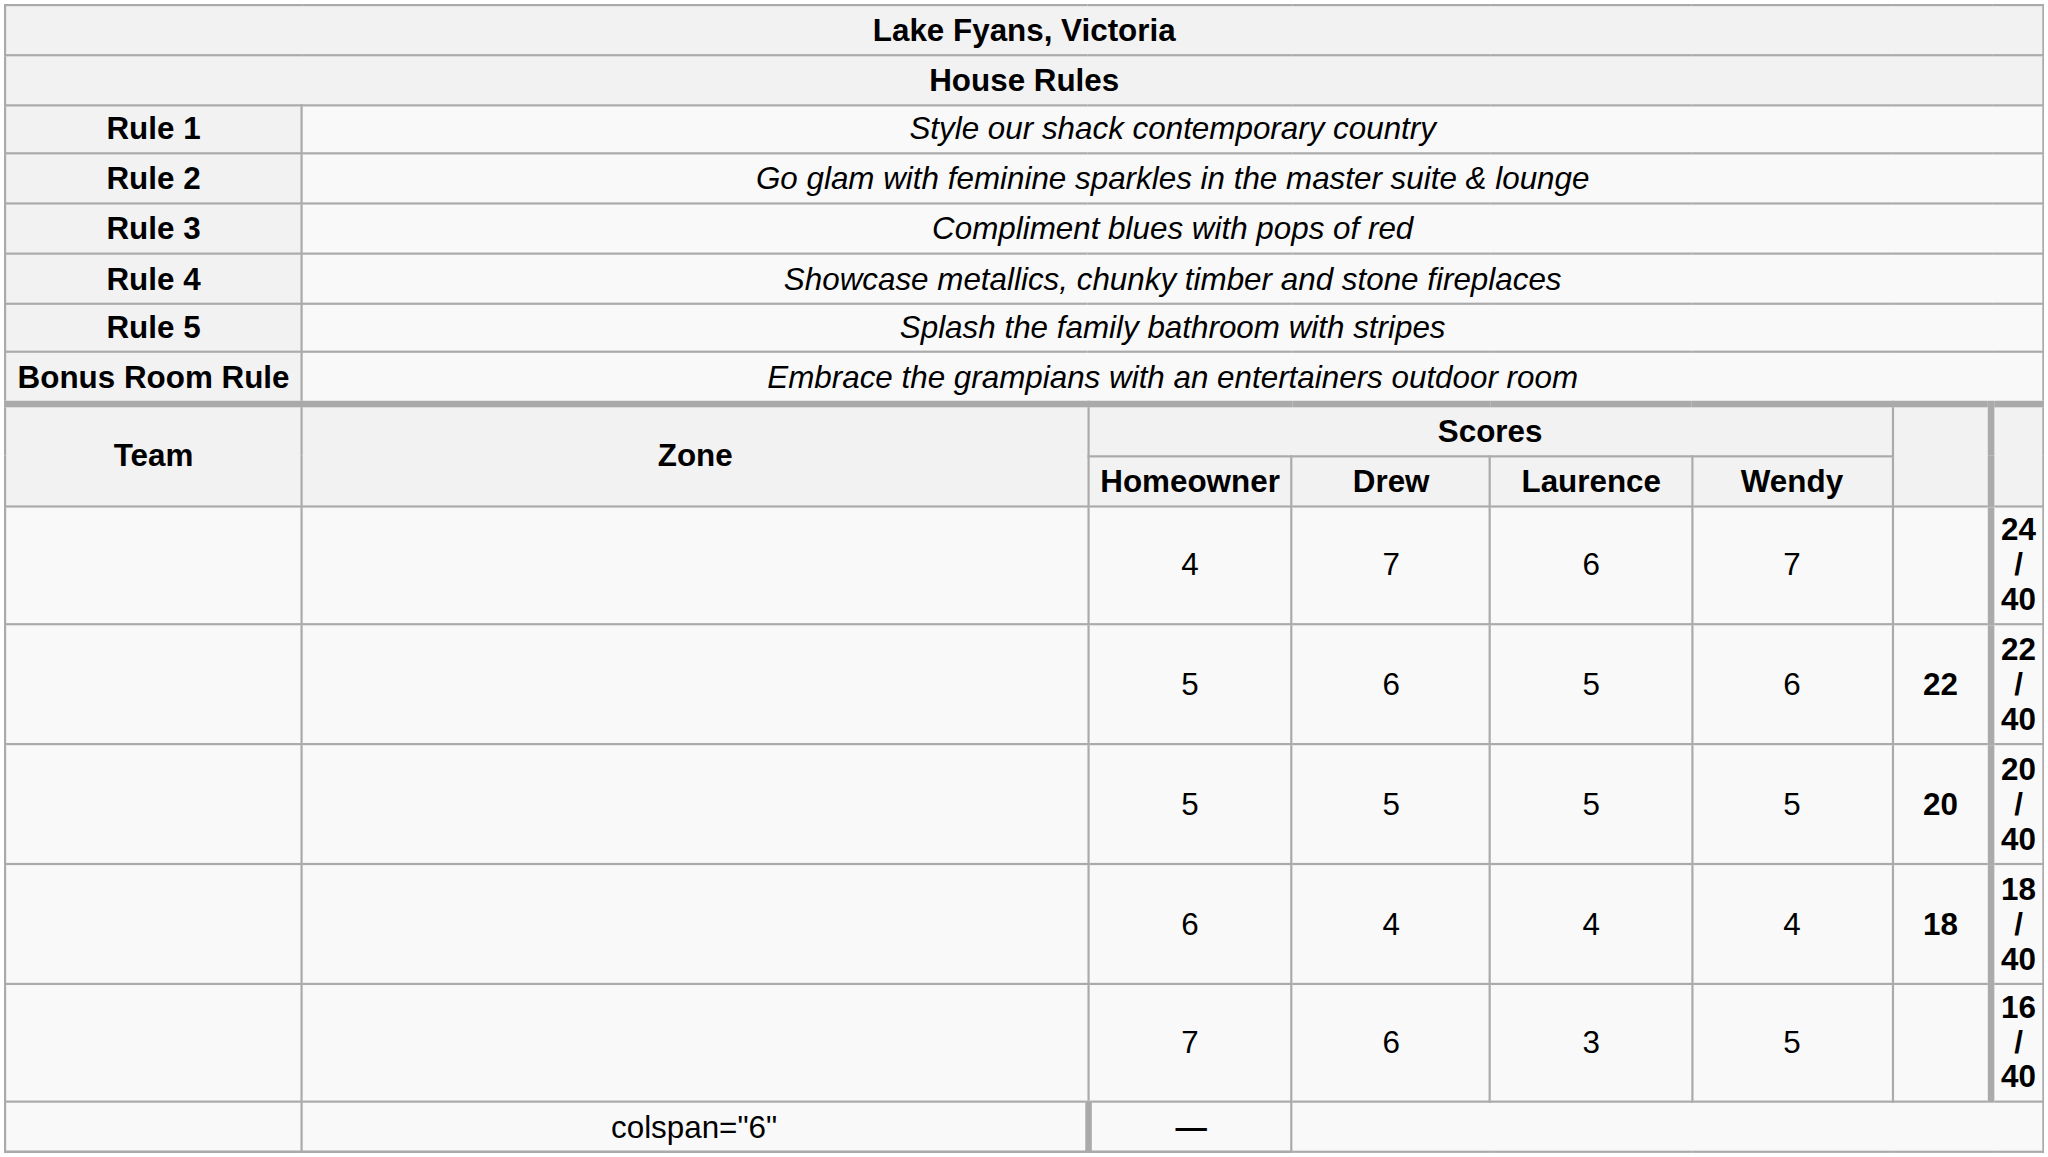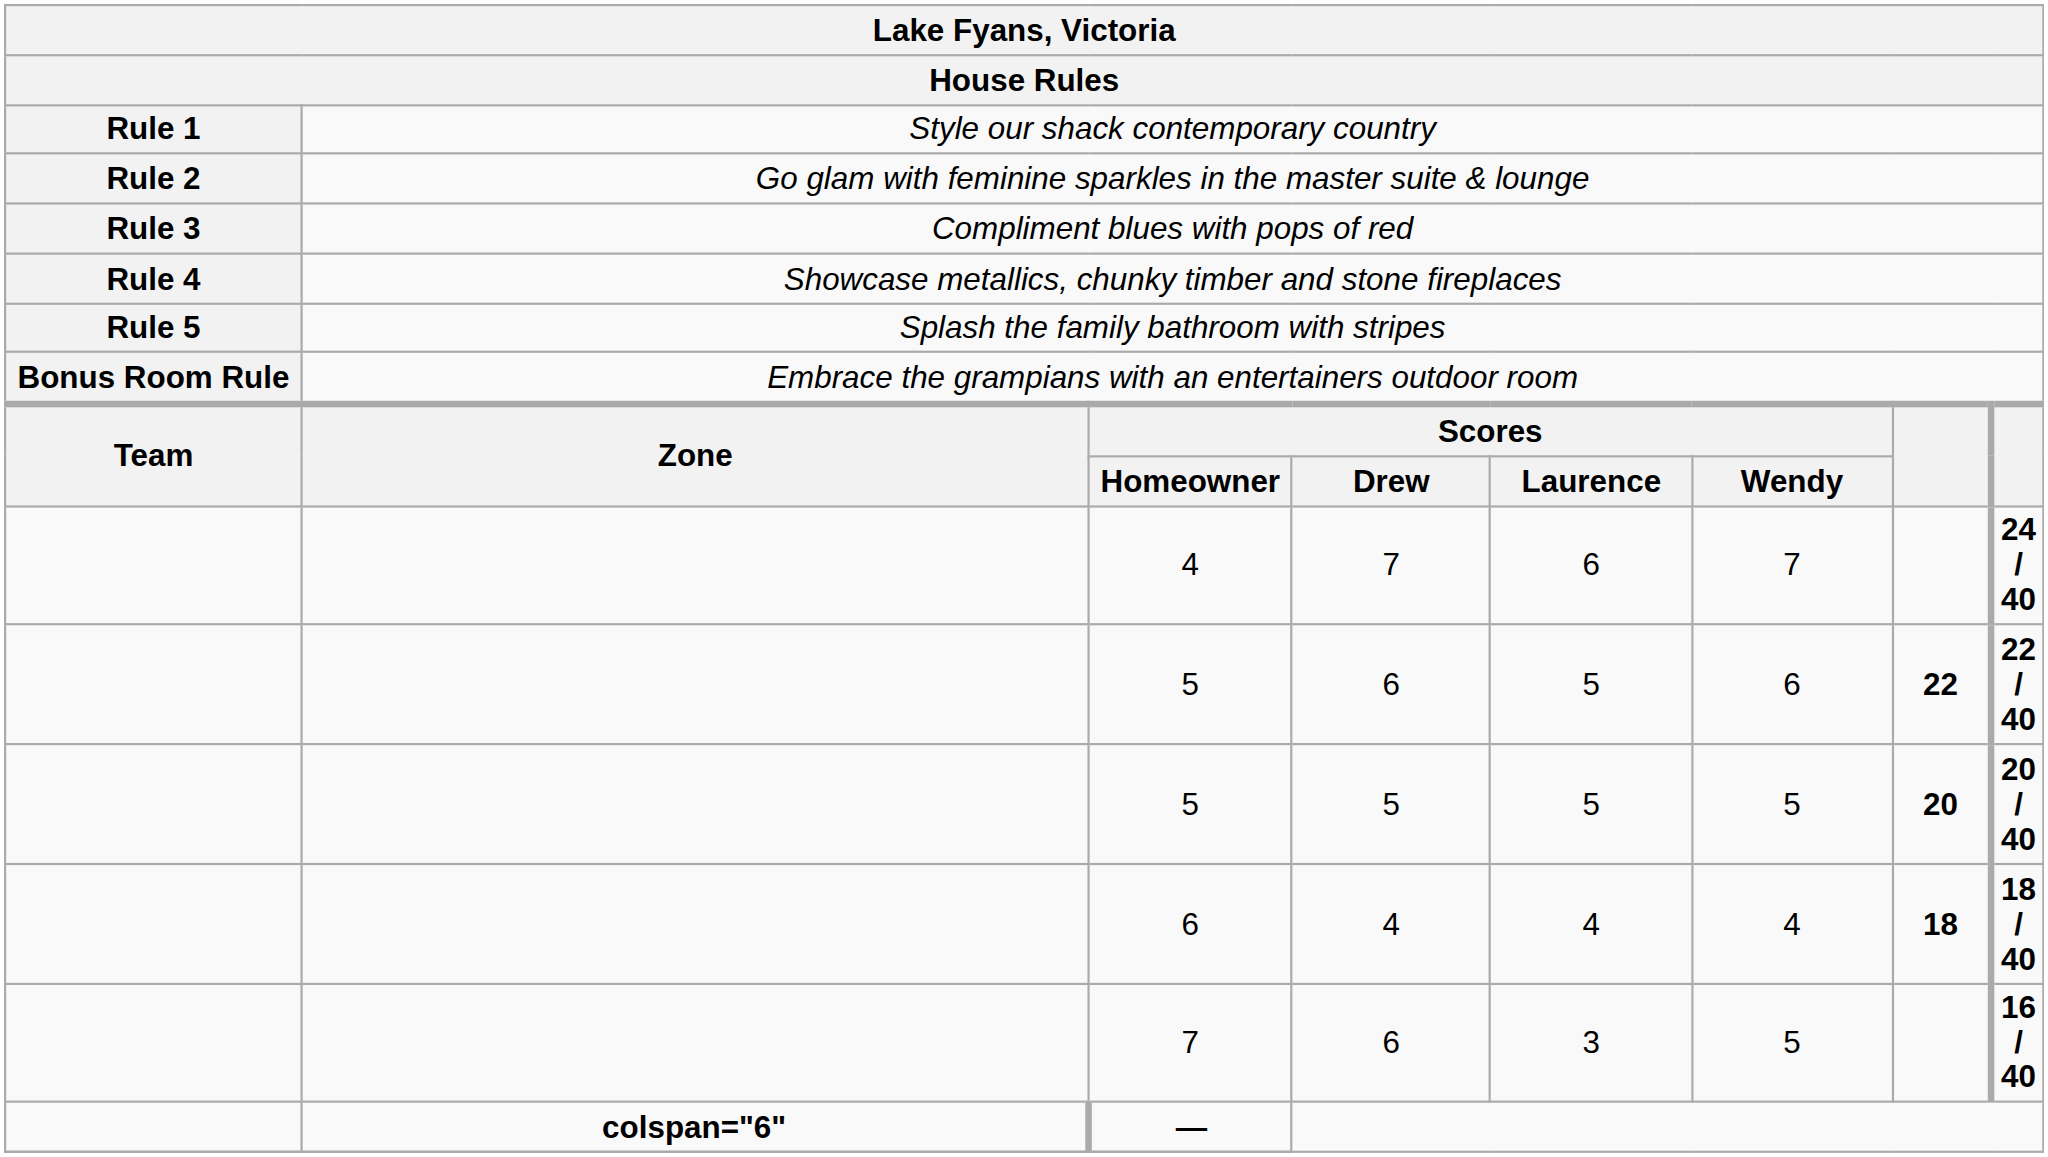 <table class="wikitable plainrowheaders" style="text-align:center; font-size:90%; width:65em;">
 <tr>
 <th colspan="8" >Lake Fyans, Victoria</th>
 </tr>
 <tr>
 <th colspan="8">House Rules</th>
 </tr>
 <tr>
 <th>Rule 1</th>
 <td colspan="7"><em>Style our shack contemporary country</em></td>
 </tr>
 <tr>
 <th>Rule 2</th>
 <td colspan="7"><em>Go glam with feminine sparkles in the master suite & lounge</em></td>
 </tr>
 <tr>
 <th>Rule 3</th>
 <td colspan="7"><em>Compliment blues with pops of red</em></td>
 </tr>
 <tr>
 <th>Rule 4</th>
 <td colspan="7"><em>Showcase metallics, chunky timber and stone fireplaces</em></td>
 </tr>
 <tr>
 <th>Rule 5</th>
 <td colspan="7"><em>Splash the family bathroom with stripes</em></td>
 </tr>
 <tr>
 <th>Bonus Room Rule</th>
 <td colspan="7"><em>Embrace the grampians with an entertainers outdoor room</em></td>
 </tr>
 <tr style="border-top:3px solid #aaa;">
 <th rowspan="2">Team</th>
 <th rowspan="2" style="width:40%;">Zone</th>
 <th colspan="4" style="width:40%;">Scores</th>
 <th rowspan="2" style="width:10%;"></th>
 <th rowspan="2" style="width:10%; border-left:3px solid #aaa;"></th>
 </tr>
 <tr>
 <th style="width:10%;">Homeowner</th>
 <th style="width:10%;">Drew</th>
 <th style="width:10%;">Laurence</th>
 <th style="width:10%;">Wendy</th>
 </tr>
 <tr>
 <td style="width:15%;"></td>
 <td></td>
 <td>4</td>
 <td>7</td>
 <td>6</td>
 <td>7</td>
 <td></td>
 <td style="border-left:3px solid #aaa;"><strong>24 / 40</strong></td>
 </tr>
 <tr>
 <td style="width:15%;"></td>
 <td></td>
 <td>5</td>
 <td>6</td>
 <td>5</td>
 <td>6</td>
 <td><strong>22</strong></td>
 <td style="border-left:3px solid #aaa;"><strong>22 / 40</strong></td>
 </tr>
 <tr>
 <td style="width:15%;"></td>
 <td></td>
 <td>5</td>
 <td>5</td>
 <td>5</td>
 <td>5</td>
 <td><strong>20</strong></td>
 <td style="border-left:3px solid #aaa;"><strong>20 / 40</strong></td>
 </tr>
 <tr>
 <td style="width:15%;"></td>
 <td></td>
 <td>6</td>
 <td>4</td>
 <td>4</td>
 <td>4</td>
 <td><strong>18</strong></td>
 <td style="border-left:3px solid #aaa;"><strong>18 / 40</strong></td>
 </tr>
 <tr>
 <td style="width:15%;"></td>
 <td></td>
 <td>7</td>
 <td>6</td>
 <td>3</td>
 <td>5</td>
 <td></td>
 <td style="border-left:3px solid #aaa;"><strong>16 / 40</strong></td>
 </tr>
 <tr>
 <td style="width:15%;"></td>
-<td>colspan="6" </td>
+<td><strong>colspan="6" </strong></td>
 <td style="border-left:3px solid #aaa;"><strong>—</strong></td>
 </tr>
 <tr>
 </tr>
 </table>
